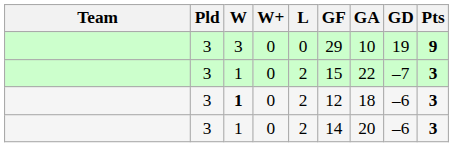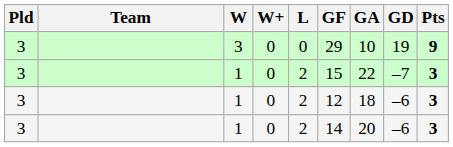 <table class="wikitable" style="text-align: center">
 <tr>
+<th width=20>Pld</th>
 <th width=165>Team</th>
-<th width=20>Pld</th>
 <th width=20>W</th>
 <th width=20>W+</th>
 <th width=20>L</th>
 <th width=20>GF</th>
 <th width=20>GA</th>
 <th width=20>GD</th>
 <th width=20>Pts</th>
 </tr>
 <tr style="text-align:center; background:#cfc;">
+<td>3</td>
 <td style="text-align:left;"></td>
-<td>3</td>
 <td>3</td>
 <td>0</td>
 <td>0</td>
 <td>29</td>
 <td>10</td>
 <td>19</td>
 <td><strong>9</strong></td>
 </tr>
 <tr style="text-align:center; background:#cfc;">
+<td>3</td>
 <td style="text-align:left;"></td>
-<td>3</td>
 <td>1</td>
 <td>0</td>
 <td>2</td>
 <td>15</td>
 <td>22</td>
 <td>–7</td>
 <td><strong>3</strong></td>
 </tr>
 <tr style="text-align:center; background:#f5f5f5;">
+<td>3</td>
 <td style="text-align:left;"></td>
-<td>3</td>
-<td><strong>1</strong></td>
+<td>1</td>
 <td>0</td>
 <td>2</td>
 <td>12</td>
 <td>18</td>
 <td>–6</td>
 <td><strong>3</strong></td>
 </tr>
 <tr style="text-align:center; background:#f5f5f5;">
+<td>3</td>
 <td style="text-align:left;"></td>
-<td>3</td>
 <td>1</td>
 <td>0</td>
 <td>2</td>
 <td>14</td>
 <td>20</td>
 <td>–6</td>
 <td><strong>3</strong></td>
 </tr>
 </table>
